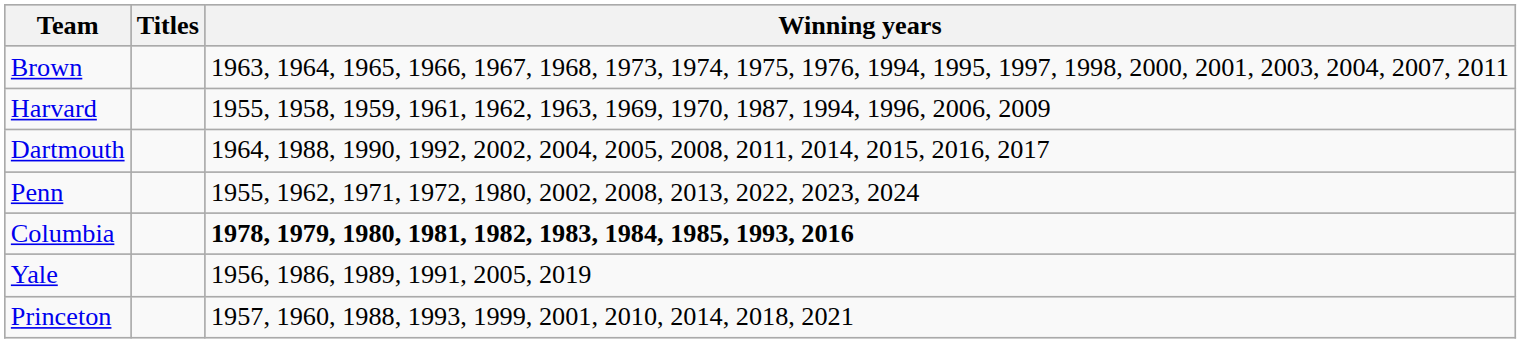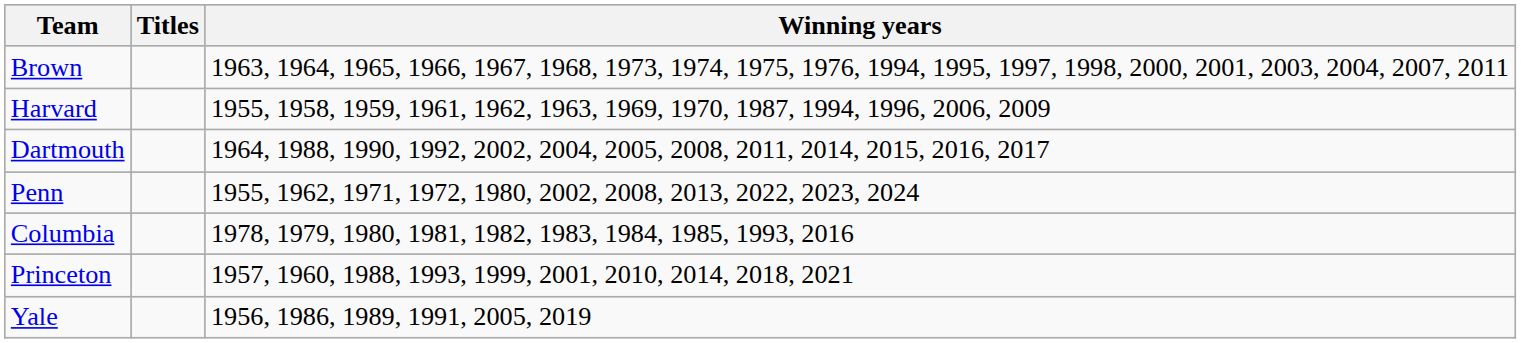 <table class="wikitable sortable" style="text-align: ">
 <tr>
 <th>Team</th>
 <th>Titles</th>
 <th>Winning years</th>
 </tr>
 <tr>
 <td><a href='#'>Brown</a></td>
 <td></td>
 <td>1963, 1964, 1965, 1966, 1967, 1968, 1973, 1974, 1975, 1976, 1994, 1995, 1997, 1998, 2000, 2001, 2003, 2004, 2007, 2011</td>
 </tr>
 <tr>
 <td><a href='#'>Harvard</a></td>
 <td></td>
 <td>1955, 1958, 1959, 1961, 1962, 1963, 1969, 1970, 1987, 1994, 1996, 2006, 2009</td>
 </tr>
 <tr>
 <td><a href='#'>Dartmouth</a></td>
 <td></td>
 <td>1964, 1988, 1990, 1992, 2002, 2004, 2005, 2008, 2011, 2014, 2015, 2016, 2017</td>
 </tr>
 <tr>
 <td><a href='#'>Penn</a></td>
 <td></td>
 <td>1955, 1962, 1971, 1972, 1980, 2002, 2008, 2013, 2022, 2023, 2024</td>
 </tr>
 <tr>
 <td><a href='#'>Columbia</a></td>
 <td></td>
-<td><strong>1978, 1979, 1980, 1981, 1982, 1983, 1984, 1985, 1993, 2016</strong></td>
+<td>1978, 1979, 1980, 1981, 1982, 1983, 1984, 1985, 1993, 2016</td>
+</tr>
+<tr>
+<td><a href='#'>Princeton</a></td>
+<td></td>
+<td>1957, 1960, 1988, 1993, 1999, 2001, 2010, 2014, 2018, 2021</td>
 </tr>
 <tr>
 <td><a href='#'>Yale</a></td>
 <td></td>
 <td>1956, 1986, 1989, 1991, 2005, 2019</td>
 </tr>
-<tr>
-<td><a href='#'>Princeton</a></td>
-<td></td>
-<td>1957, 1960, 1988, 1993, 1999, 2001, 2010, 2014, 2018, 2021</td>
-</tr>
 </table>
